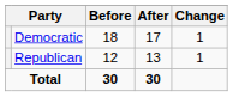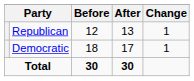 <table class="wikitable" style="text-align:center;">
 <tr>
 </tr>
 <tr>
 <th colspan=2>Party</th>
 <th>Before</th>
 <th>After</th>
 <th>Change</th>
 </tr>
 <tr>
 <th style="background-color:"></th>
-<td style="text-align:left;"><a href='#'>Democratic</a></td>
-<td>18</td>
-<td>17</td>
+<td style="text-align:left;"><a href='#'>Republican</a></td>
+<td>12</td>
+<td>13</td>
 <td> 1</td>
 </tr>
 <tr>
 <th style="background-color:"></th>
-<td style="text-align:left;"><a href='#'>Republican</a></td>
-<td>12</td>
-<td>13</td>
+<td style="text-align:left;"><a href='#'>Democratic</a></td>
+<td>18</td>
+<td>17</td>
 <td> 1</td>
 </tr>
 <tr>
 <td colspan=2><strong>Total</strong></td>
 <td><strong>30</strong></td>
 <td><strong>30</strong></td>
 <td></td>
 </tr>
 </table>
